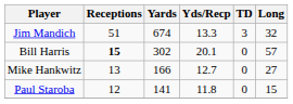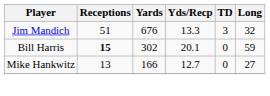 <table class="wikitable" style="text-align:center">
 <tr>
 <th>Player</th>
 <th>Receptions</th>
 <th>Yards</th>
 <th>Yds/Recp</th>
 <th>TD</th>
 <th>Long</th>
 </tr>
 <tr>
 <td><a href='#'>Jim Mandich</a></td>
 <td>51</td>
-<td>674</td>
+<td>676</td>
 <td>13.3</td>
 <td>3</td>
 <td>32</td>
 </tr>
 <tr>
 <td>Bill Harris</td>
 <td><strong>15</strong></td>
 <td>302</td>
 <td>20.1</td>
 <td>0</td>
-<td>57</td>
+<td>59</td>
 </tr>
 <tr>
 <td>Mike Hankwitz</td>
 <td>13</td>
 <td>166</td>
 <td>12.7</td>
 <td>0</td>
 <td>27</td>
 </tr>
 <tr>
-<td><a href='#'>Paul Staroba</a></td>
-<td>12</td>
-<td>141</td>
-<td>11.8</td>
-<td>0</td>
-<td>15</td>
-</tr>
-<tr>
 </tr>
 </table>
